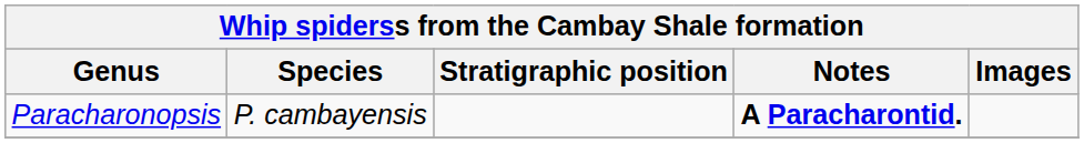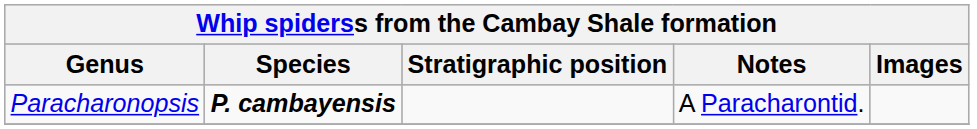 <table class="wikitable" align="center">
 <tr>
 <th colspan="7" align="center"><strong><a href='#'>Whip spiders</a>s from the Cambay Shale formation</strong></th>
 </tr>
 <tr>
 <th>Genus</th>
 <th>Species</th>
 <th>Stratigraphic position</th>
 <th>Notes</th>
 <th>Images</th>
 </tr>
 <tr>
 <td><em><a href='#'>Paracharonopsis</a></em></td>
-<td><em>P. cambayensis</em></td>
+<td><strong><em>P. cambayensis</em></strong></td>
 <td></td>
-<td><strong>A <a href='#'>Paracharontid</a>.</strong></td>
+<td>A <a href='#'>Paracharontid</a>.</td>
 <td></td>
 </tr>
 <tr>
 </tr>
 </table>
